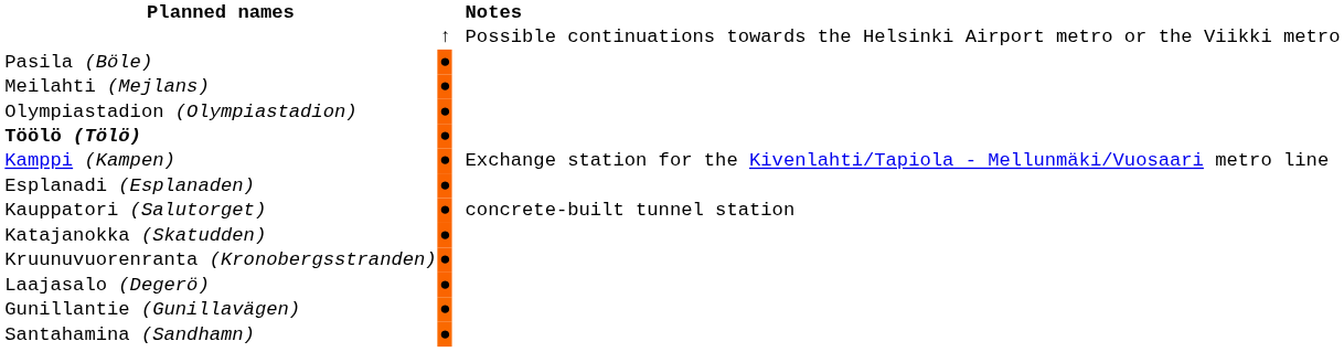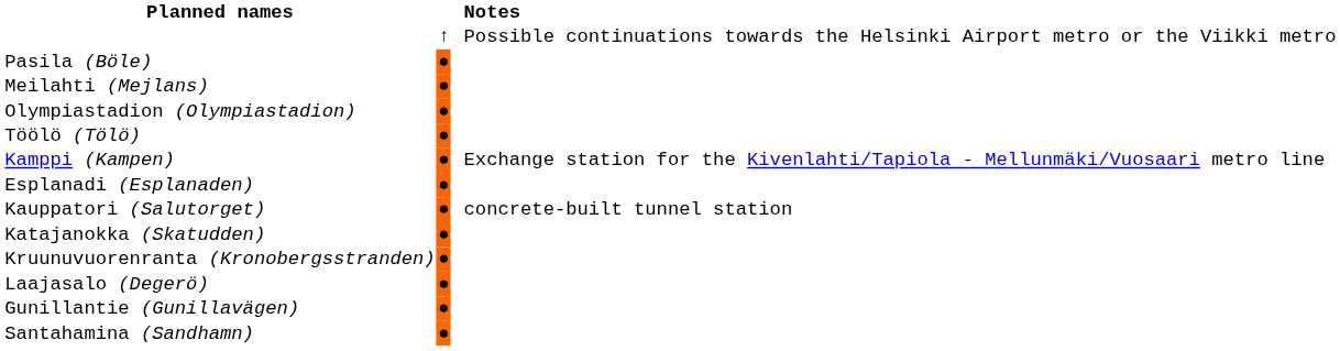 <table cellspacing="0">
 <tr>
 <th>Planned names</th>
 <th></th>
 <th style="text-align: left;"> Notes</th>
 <th></th>
 </tr>
 <tr>
 <td></td>
 <td style="text-align: center;">↑</td>
 <td> Possible continuations towards the Helsinki Airport metro or the Viikki metro</td>
 </tr>
 <tr>
 <td>Pasila <em>(Böle)</em></td>
 <td bgcolor="#FA6400">●</td>
 <td></td>
 </tr>
 <tr>
 <td>Meilahti <em>(Mejlans)</em></td>
 <td bgcolor="#FA6400">●</td>
 <td></td>
 </tr>
 <tr>
 <td>Olympiastadion <em>(Olympiastadion)</em></td>
 <td bgcolor="#FA6400">●</td>
 <td></td>
 </tr>
 <tr>
-<td><strong>Töölö <em>(Tölö)</em></strong></td>
+<td>Töölö <em>(Tölö)</em></td>
 <td bgcolor="#FA6400">●</td>
 <td></td>
 </tr>
 <tr>
 <td><a href='#'>Kamppi</a> <em>(Kampen)</em></td>
 <td bgcolor="#FA6400">●</td>
 <td> Exchange station for the <a href='#'>Kivenlahti/Tapiola - Mellunmäki/Vuosaari</a> metro line</td>
 </tr>
 <tr>
 <td>Esplanadi <em>(Esplanaden)</em></td>
 <td bgcolor="#FA6400">●</td>
 <td></td>
 </tr>
 <tr>
 <td>Kauppatori <em>(Salutorget)</em></td>
 <td bgcolor="#FA6400">●</td>
 <td> concrete-built tunnel station</td>
 </tr>
 <tr>
 <td>Katajanokka <em>(Skatudden)</em></td>
 <td bgcolor="#FA6400">●</td>
 </tr>
 <tr>
 <td>Kruunuvuorenranta <em>(Kronobergsstranden)</em></td>
 <td bgcolor="#FA6400">●</td>
 </tr>
 <tr>
 <td>Laajasalo <em>(Degerö)</em></td>
 <td bgcolor="#FA6400">●</td>
 </tr>
 <tr>
 <td>Gunillantie <em>(Gunillavägen)</em></td>
 <td bgcolor="#FA6900">●</td>
 </tr>
 <tr>
 <td>Santahamina <em>(Sandhamn)</em></td>
 <td bgcolor="#FA6900">●</td>
 </tr>
 <tr>
 </tr>
 </table>
